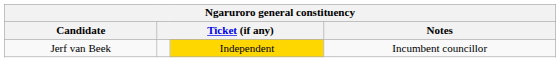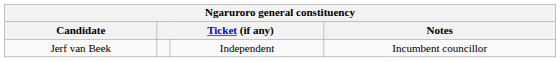 <table class="wikitable" style="text-align: center; width:50em">
 <tr>
 <th colspan="4">Ngaruroro general constituency</th>
 </tr>
 <tr>
 <th>Candidate</th>
 <th colspan="2"><a href='#'>Ticket</a> (if any)</th>
 <th>Notes</th>
 </tr>
 <tr>
 <td>Jerf van Beek</td>
 <td></td>
-<td style="background: gold;">Independent</td>
+<td>Independent</td>
 <td>Incumbent councillor</td>
 </tr>
 </table>
